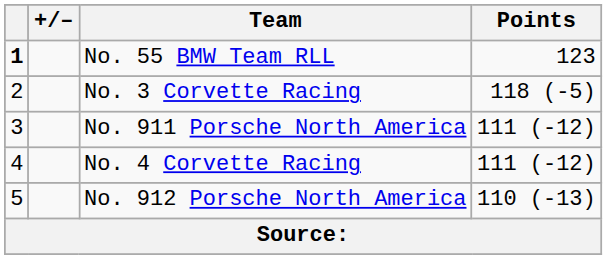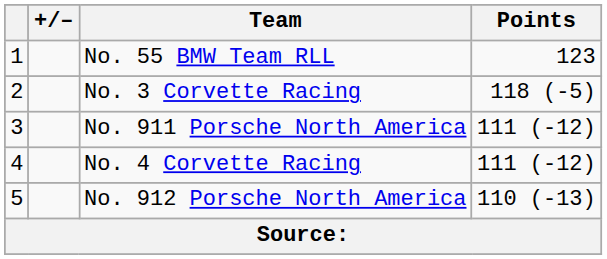 <table class="wikitable" style="font-size: 95%;">
 <tr>
 <th scope="col"></th>
 <th scope="col">+/–</th>
 <th scope="col">Team</th>
 <th scope="col">Points</th>
 </tr>
 <tr>
-<td align=center><strong>1</strong></td>
+<td align=center>1</td>
 <td align="left"></td>
 <td> No. 55 <a href='#'>BMW Team RLL</a></td>
 <td align=right>123</td>
 </tr>
 <tr>
 <td align=center>2</td>
 <td align="left"></td>
 <td> No. 3 <a href='#'>Corvette Racing</a></td>
 <td align=right>118 (-5)</td>
 </tr>
 <tr>
 <td align=center>3</td>
 <td align="left"></td>
 <td> No. 911 <a href='#'>Porsche North America</a></td>
 <td align=right>111 (-12)</td>
 </tr>
 <tr>
 <td align=center>4</td>
 <td align="left"></td>
 <td> No. 4 <a href='#'>Corvette Racing</a></td>
 <td align=right>111 (-12)</td>
 </tr>
 <tr>
 <td align=center>5</td>
 <td align="left"></td>
 <td> No. 912 <a href='#'>Porsche North America</a></td>
 <td align=right>110 (-13)</td>
 </tr>
 <tr>
 <th colspan=5>Source:</th>
 </tr>
 </table>
